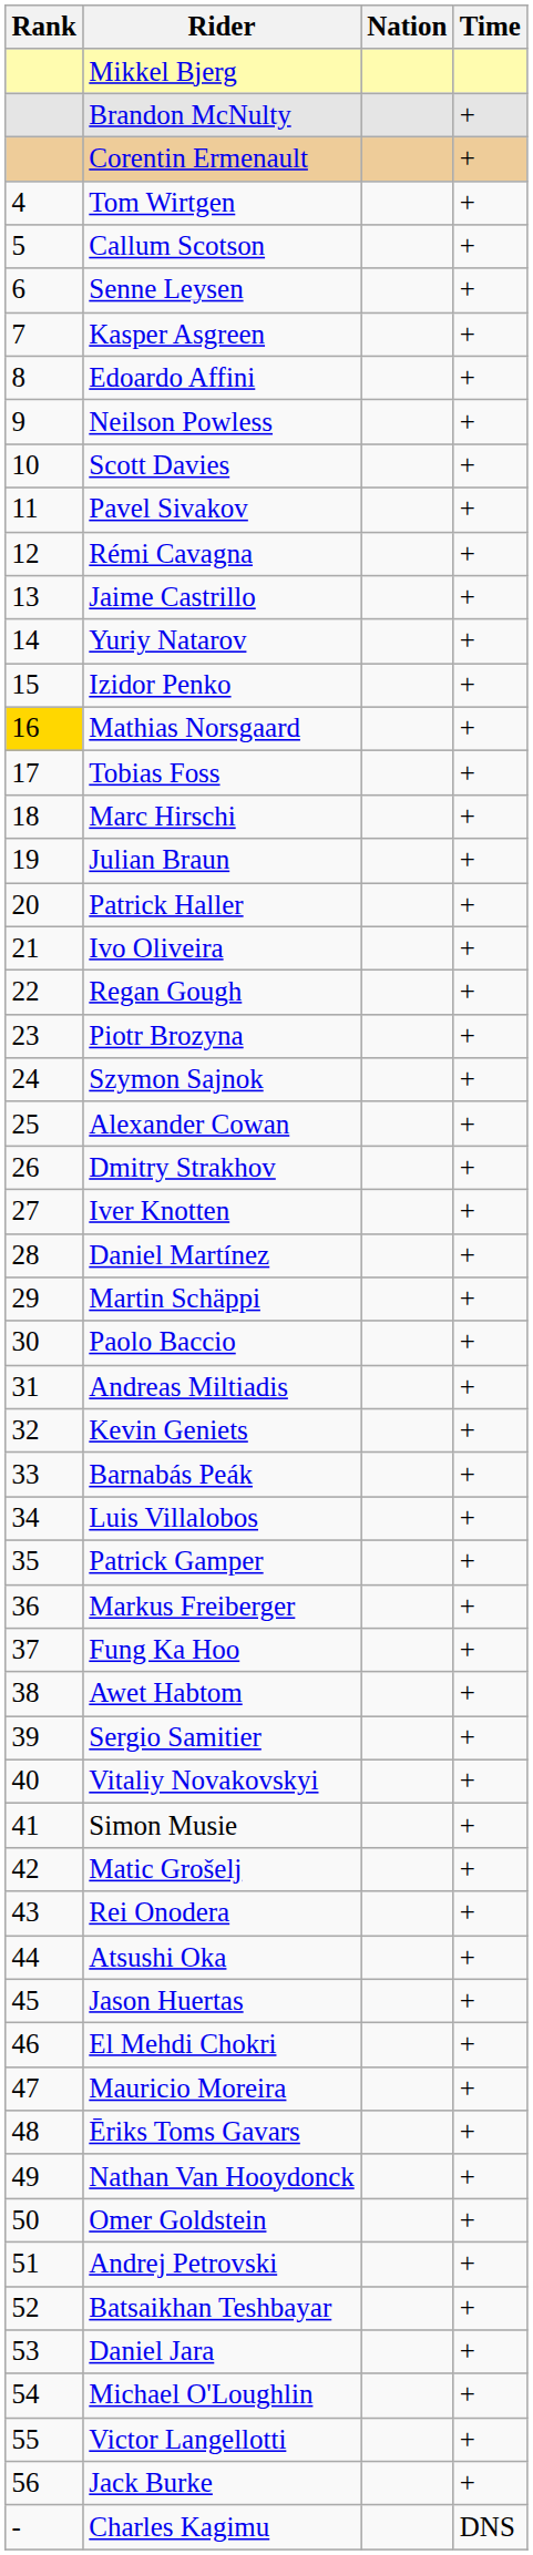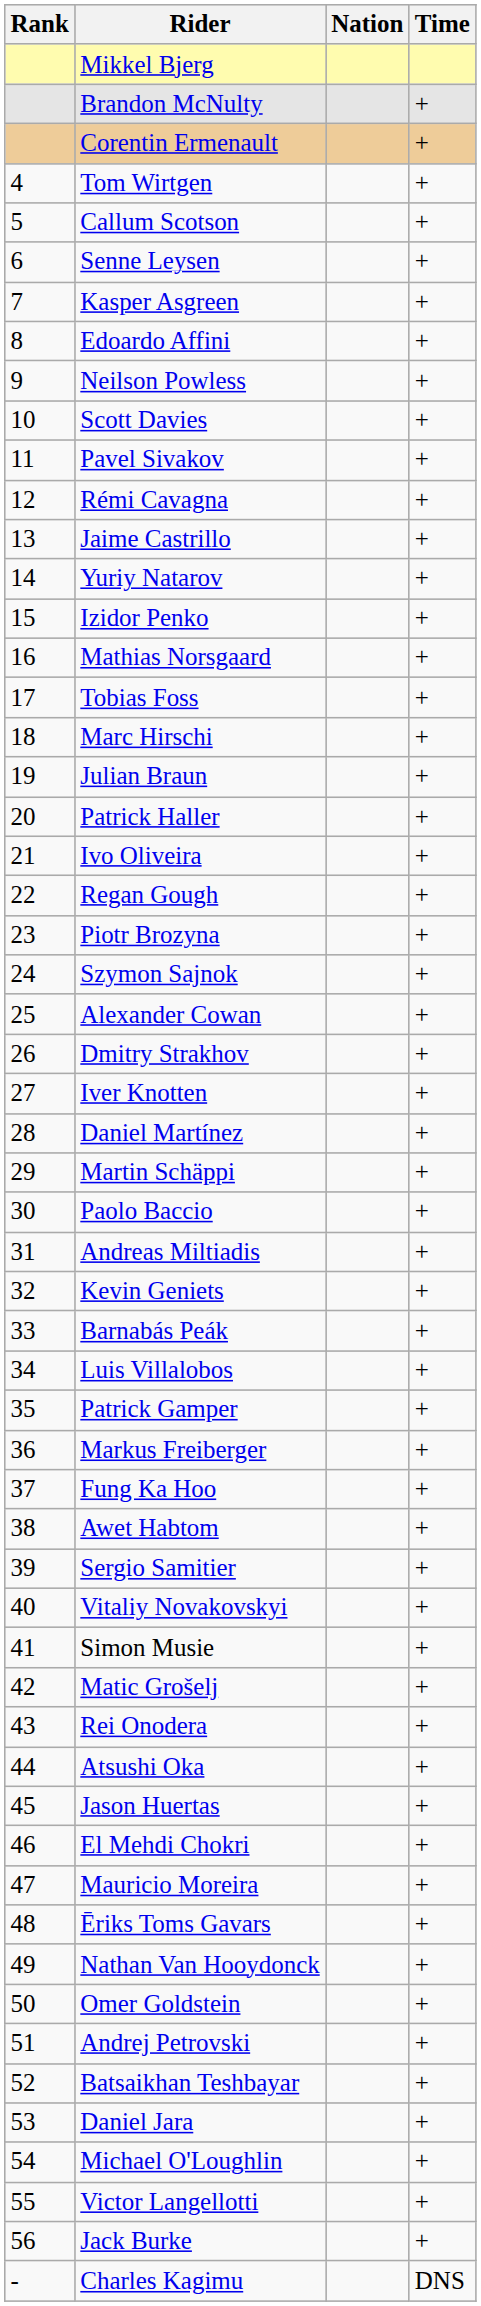 <table class="wikitable sortable">
 <tr>
 <th>Rank</th>
 <th>Rider</th>
 <th>Nation</th>
 <th>Time</th>
 </tr>
 <tr bgcolor=fffcaf>
 <td></td>
 <td><a href='#'>Mikkel Bjerg</a></td>
 <td></td>
 <td></td>
 </tr>
 <tr bgcolor=e5e5e5>
 <td></td>
 <td><a href='#'>Brandon McNulty</a></td>
 <td></td>
 <td>+ </td>
 </tr>
 <tr bgcolor=eecc99>
 <td></td>
 <td><a href='#'>Corentin Ermenault</a></td>
 <td></td>
 <td>+ </td>
 </tr>
 <tr>
 <td>4</td>
 <td><a href='#'>Tom Wirtgen</a></td>
 <td></td>
 <td>+ </td>
 </tr>
 <tr>
 <td>5</td>
 <td><a href='#'>Callum Scotson</a></td>
 <td></td>
 <td>+ </td>
 </tr>
 <tr>
 <td>6</td>
 <td><a href='#'>Senne Leysen</a></td>
 <td></td>
 <td>+ </td>
 </tr>
 <tr>
 <td>7</td>
 <td><a href='#'>Kasper Asgreen</a></td>
 <td></td>
 <td>+ </td>
 </tr>
 <tr>
 <td>8</td>
 <td><a href='#'>Edoardo Affini</a></td>
 <td></td>
 <td>+ </td>
 </tr>
 <tr>
 <td>9</td>
 <td><a href='#'>Neilson Powless</a></td>
 <td></td>
 <td>+ </td>
 </tr>
 <tr>
 <td>10</td>
 <td><a href='#'>Scott Davies</a></td>
 <td></td>
 <td>+ </td>
 </tr>
 <tr>
 <td>11</td>
 <td><a href='#'>Pavel Sivakov</a></td>
 <td></td>
 <td>+ </td>
 </tr>
 <tr>
 <td>12</td>
 <td><a href='#'>Rémi Cavagna</a></td>
 <td></td>
 <td>+ </td>
 </tr>
 <tr>
 <td>13</td>
 <td><a href='#'>Jaime Castrillo</a></td>
 <td></td>
 <td>+ </td>
 </tr>
 <tr>
 <td>14</td>
 <td><a href='#'>Yuriy Natarov</a></td>
 <td></td>
 <td>+ </td>
 </tr>
 <tr>
 <td>15</td>
 <td><a href='#'>Izidor Penko</a></td>
 <td></td>
 <td>+ </td>
 </tr>
 <tr>
-<td style="background: gold;">16</td>
+<td>16</td>
 <td><a href='#'>Mathias Norsgaard</a></td>
 <td></td>
 <td>+ </td>
 </tr>
 <tr>
 <td>17</td>
 <td><a href='#'>Tobias Foss</a></td>
 <td></td>
 <td>+ </td>
 </tr>
 <tr>
 <td>18</td>
 <td><a href='#'>Marc Hirschi</a></td>
 <td></td>
 <td>+ </td>
 </tr>
 <tr>
 <td>19</td>
 <td><a href='#'>Julian Braun</a></td>
 <td></td>
 <td>+ </td>
 </tr>
 <tr>
 <td>20</td>
 <td><a href='#'>Patrick Haller</a></td>
 <td></td>
 <td>+ </td>
 </tr>
 <tr>
 <td>21</td>
 <td><a href='#'>Ivo Oliveira</a></td>
 <td></td>
 <td>+ </td>
 </tr>
 <tr>
 <td>22</td>
 <td><a href='#'>Regan Gough</a></td>
 <td></td>
 <td>+ </td>
 </tr>
 <tr>
 <td>23</td>
 <td><a href='#'>Piotr Brozyna</a></td>
 <td></td>
 <td>+ </td>
 </tr>
 <tr>
 <td>24</td>
 <td><a href='#'>Szymon Sajnok</a></td>
 <td></td>
 <td>+ </td>
 </tr>
 <tr>
 <td>25</td>
 <td><a href='#'>Alexander Cowan</a></td>
 <td></td>
 <td>+ </td>
 </tr>
 <tr>
 <td>26</td>
 <td><a href='#'>Dmitry Strakhov</a></td>
 <td></td>
 <td>+ </td>
 </tr>
 <tr>
 <td>27</td>
 <td><a href='#'>Iver Knotten</a></td>
 <td></td>
 <td>+ </td>
 </tr>
 <tr>
 <td>28</td>
 <td><a href='#'>Daniel Martínez</a></td>
 <td></td>
 <td>+ </td>
 </tr>
 <tr>
 <td>29</td>
 <td><a href='#'>Martin Schäppi</a></td>
 <td></td>
 <td>+ </td>
 </tr>
 <tr>
 <td>30</td>
 <td><a href='#'>Paolo  Baccio</a></td>
 <td></td>
 <td>+ </td>
 </tr>
 <tr>
 <td>31</td>
 <td><a href='#'>Andreas Miltiadis</a></td>
 <td></td>
 <td>+ </td>
 </tr>
 <tr>
 <td>32</td>
 <td><a href='#'>Kevin Geniets</a></td>
 <td></td>
 <td>+ </td>
 </tr>
 <tr>
 <td>33</td>
 <td><a href='#'>Barnabás Peák</a></td>
 <td></td>
 <td>+ </td>
 </tr>
 <tr>
 <td>34</td>
 <td><a href='#'>Luis Villalobos</a></td>
 <td></td>
 <td>+ </td>
 </tr>
 <tr>
 <td>35</td>
 <td><a href='#'>Patrick Gamper</a></td>
 <td></td>
 <td>+ </td>
 </tr>
 <tr>
 <td>36</td>
 <td><a href='#'>Markus Freiberger</a></td>
 <td></td>
 <td>+ </td>
 </tr>
 <tr>
 <td>37</td>
 <td><a href='#'>Fung Ka Hoo</a></td>
 <td></td>
 <td>+ </td>
 </tr>
 <tr>
 <td>38</td>
 <td><a href='#'>Awet Habtom</a></td>
 <td></td>
 <td>+ </td>
 </tr>
 <tr>
 <td>39</td>
 <td><a href='#'>Sergio Samitier</a></td>
 <td></td>
 <td>+ </td>
 </tr>
 <tr>
 <td>40</td>
 <td><a href='#'>Vitaliy Novakovskyi</a></td>
 <td></td>
 <td>+ </td>
 </tr>
 <tr>
 <td>41</td>
 <td>Simon Musie</td>
 <td></td>
 <td>+ </td>
 </tr>
 <tr>
 <td>42</td>
 <td><a href='#'>Matic Grošelj</a></td>
 <td></td>
 <td>+ </td>
 </tr>
 <tr>
 <td>43</td>
 <td><a href='#'>Rei Onodera</a></td>
 <td></td>
 <td>+ </td>
 </tr>
 <tr>
 <td>44</td>
 <td><a href='#'>Atsushi Oka</a></td>
 <td></td>
 <td>+ </td>
 </tr>
 <tr>
 <td>45</td>
 <td><a href='#'>Jason Huertas</a></td>
 <td></td>
 <td>+ </td>
 </tr>
 <tr>
 <td>46</td>
 <td><a href='#'>El Mehdi Chokri</a></td>
 <td></td>
 <td>+ </td>
 </tr>
 <tr>
 <td>47</td>
 <td><a href='#'>Mauricio Moreira</a></td>
 <td></td>
 <td>+ </td>
 </tr>
 <tr>
 <td>48</td>
 <td><a href='#'>Ēriks Toms Gavars</a></td>
 <td></td>
 <td>+ </td>
 </tr>
 <tr>
 <td>49</td>
 <td><a href='#'>Nathan Van Hooydonck</a></td>
 <td></td>
 <td>+ </td>
 </tr>
 <tr>
 <td>50</td>
 <td><a href='#'>Omer Goldstein</a></td>
 <td></td>
 <td>+ </td>
 </tr>
 <tr>
 <td>51</td>
 <td><a href='#'>Andrej Petrovski</a></td>
 <td></td>
 <td>+ </td>
 </tr>
 <tr>
 <td>52</td>
 <td><a href='#'>Batsaikhan Teshbayar</a></td>
 <td></td>
 <td>+ </td>
 </tr>
 <tr>
 <td>53</td>
 <td><a href='#'>Daniel Jara</a></td>
 <td></td>
 <td>+ </td>
 </tr>
 <tr>
 <td>54</td>
 <td><a href='#'>Michael O'Loughlin</a></td>
 <td></td>
 <td>+ </td>
 </tr>
 <tr>
 <td>55</td>
 <td><a href='#'>Victor Langellotti</a></td>
 <td></td>
 <td>+ </td>
 </tr>
 <tr>
 <td>56</td>
 <td><a href='#'>Jack Burke</a></td>
 <td></td>
 <td>+ </td>
 </tr>
 <tr>
 <td>-</td>
 <td><a href='#'>Charles Kagimu</a></td>
 <td></td>
 <td>DNS</td>
 </tr>
 </table>
